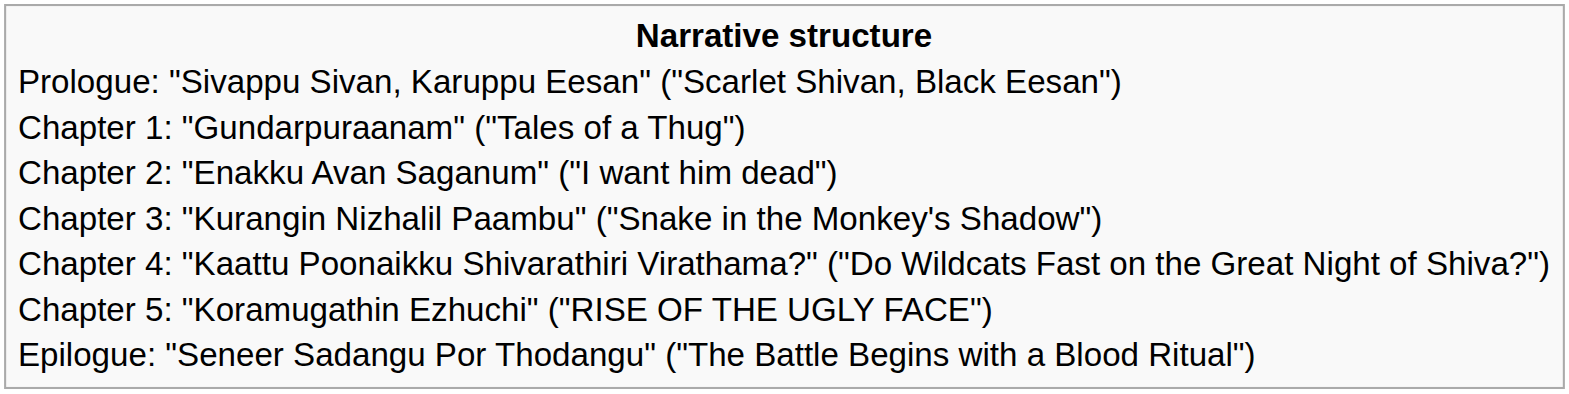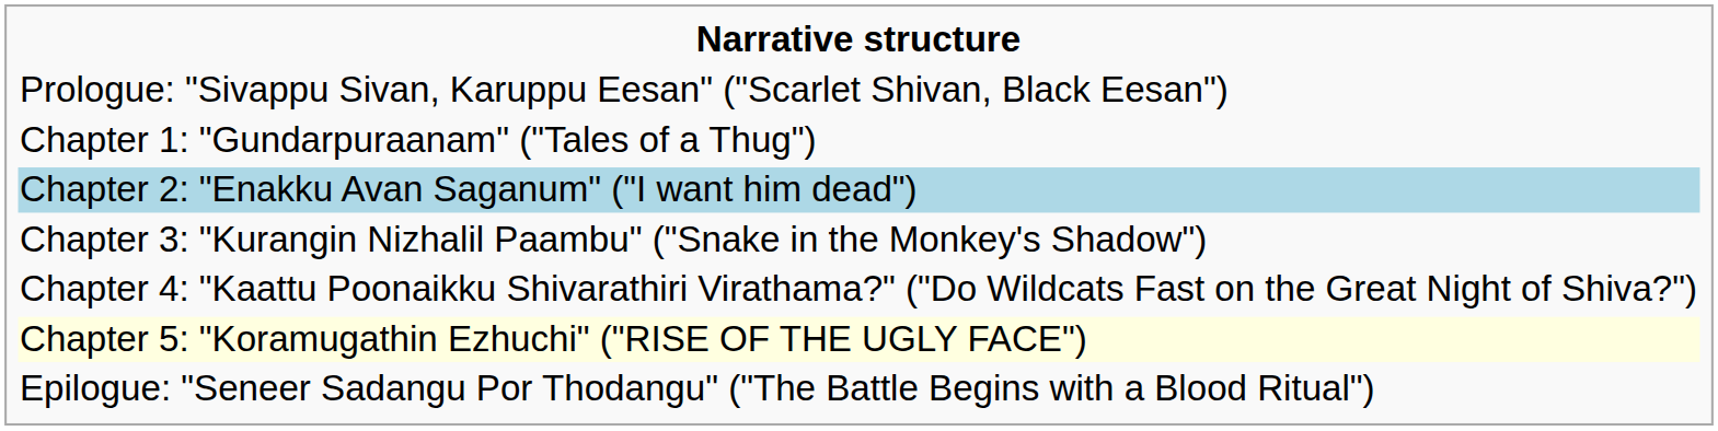 <table class="infobox">
 <tr>
 <th style="font-size:100%; text-align: center;">Narrative structure</th>
 </tr>
 <tr>
 <td>Prologue: "Sivappu Sivan, Karuppu Eesan" ("Scarlet Shivan, Black Eesan")</td>
 </tr>
 <tr>
 <td>Chapter 1: "Gundarpuraanam" ("Tales of a Thug")</td>
 </tr>
 <tr>
-<td>Chapter 2: "Enakku Avan Saganum" ("I want him dead")</td>
+<td style="background: lightblue;">Chapter 2: "Enakku Avan Saganum" ("I want him dead")</td>
 </tr>
 <tr>
 <td>Chapter 3: "Kurangin Nizhalil Paambu" ("Snake in the Monkey's Shadow")</td>
 </tr>
 <tr>
 <td>Chapter 4: "Kaattu Poonaikku Shivarathiri Virathama?" ("Do Wildcats Fast on the Great Night of Shiva?")</td>
 </tr>
 <tr>
-<td>Chapter 5: "Koramugathin Ezhuchi" ("RISE OF THE UGLY FACE")</td>
+<td style="background: lightyellow;">Chapter 5: "Koramugathin Ezhuchi" ("RISE OF THE UGLY FACE")</td>
 </tr>
 <tr>
 <td>Epilogue: "Seneer Sadangu Por Thodangu" ("The Battle Begins with a Blood Ritual")</td>
 </tr>
 </table>
